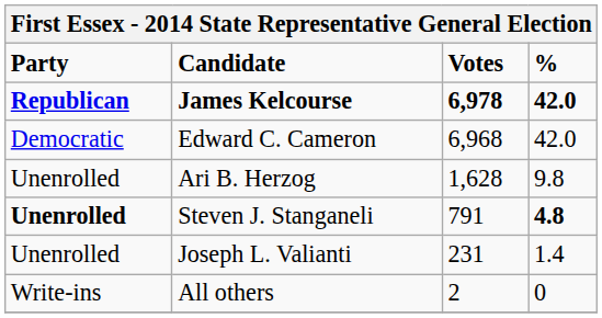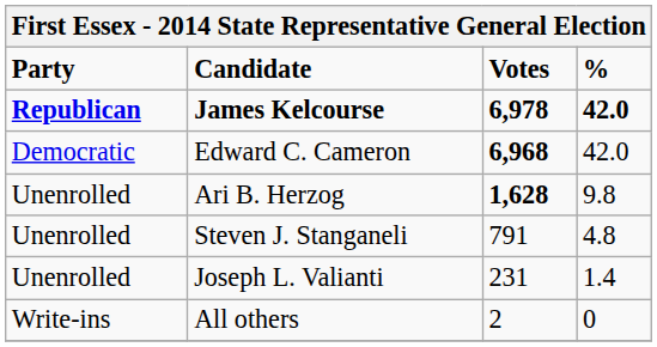 <table class="wikitable">
 <tr>
 <th colspan="4">First Essex - 2014 State Representative General Election</th>
 </tr>
 <tr>
 <td><strong>Party</strong></td>
 <td><strong>Candidate</strong></td>
 <td><strong>Votes</strong></td>
 <td><strong>%</strong></td>
 </tr>
 <tr>
 <td><strong><a href='#'>Republican</a></strong></td>
 <td><strong>James Kelcourse</strong></td>
 <td><strong>6,978</strong></td>
 <td><strong>42.0</strong></td>
 </tr>
 <tr>
 <td><a href='#'>Democratic</a></td>
 <td>Edward C. Cameron</td>
-<td>6,968</td>
+<td><strong>6,968</strong></td>
 <td>42.0</td>
 </tr>
 <tr>
 <td>Unenrolled</td>
 <td>Ari B. Herzog</td>
-<td>1,628</td>
+<td><strong>1,628</strong></td>
 <td>9.8</td>
 </tr>
 <tr>
-<td><strong>Unenrolled</strong></td>
+<td>Unenrolled</td>
 <td>Steven J. Stanganeli</td>
 <td>791</td>
-<td><strong>4.8</strong></td>
+<td>4.8</td>
 </tr>
 <tr>
 <td>Unenrolled</td>
 <td>Joseph L. Valianti</td>
 <td>231</td>
 <td>1.4</td>
 </tr>
 <tr>
 <td>Write-ins</td>
 <td>All others</td>
 <td>2</td>
 <td>0</td>
 </tr>
 <tr>
 </tr>
 </table>
